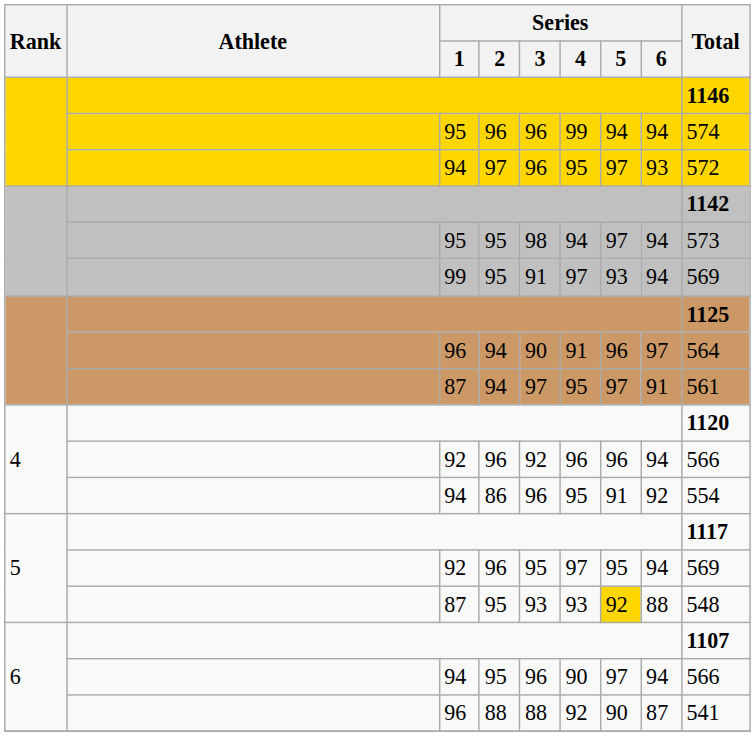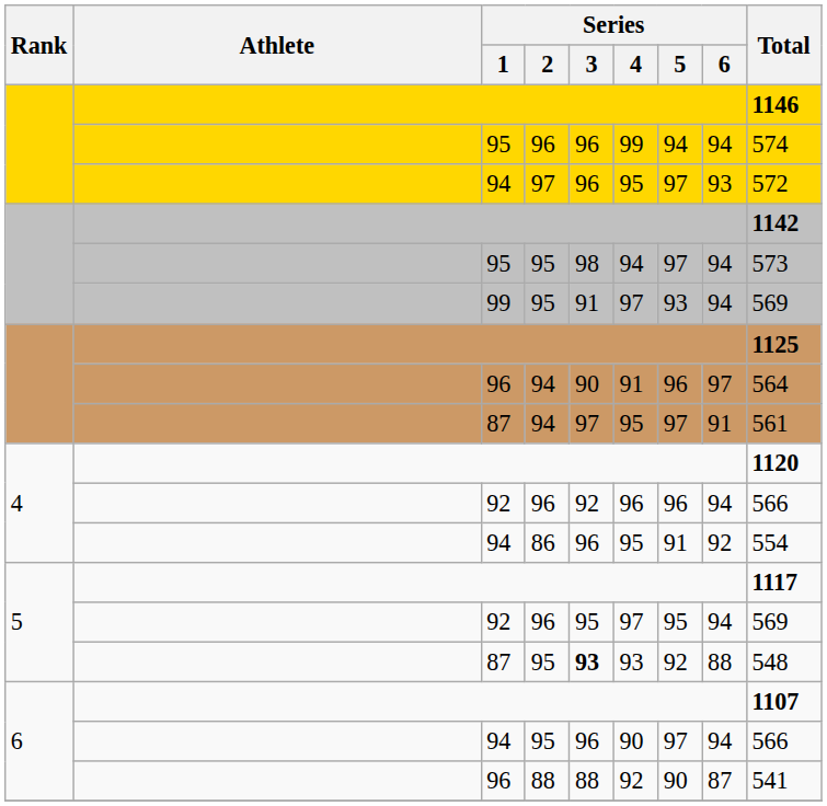 <table class="wikitable" style="font-size:95%" style="width:35em;" style="text-align:center">
 <tr>
 <th rowspan=2>Rank</th>
 <th rowspan=2 width=250>Athlete</th>
 <th colspan=6 width=160>Series</th>
 <th rowspan=2 width=40>Total</th>
 </tr>
 <tr>
 <th>1</th>
 <th>2</th>
 <th>3</th>
 <th>4</th>
 <th>5</th>
 <th>6</th>
 </tr>
 <tr bgcolor=gold>
 <td rowspan=3></td>
 <td colspan=7 align=left></td>
 <td><strong>1146</strong></td>
 </tr>
 <tr bgcolor=gold>
 <td align=left></td>
 <td>95</td>
 <td>96</td>
 <td>96</td>
 <td>99</td>
 <td>94</td>
 <td>94</td>
 <td>574</td>
 </tr>
 <tr bgcolor=gold>
 <td align=left></td>
 <td>94</td>
 <td>97</td>
 <td>96</td>
 <td>95</td>
 <td>97</td>
 <td>93</td>
 <td>572</td>
 </tr>
 <tr bgcolor=silver>
 <td rowspan=3></td>
 <td colspan=7 align=left></td>
 <td><strong>1142</strong></td>
 </tr>
 <tr bgcolor=silver>
 <td align=left></td>
 <td>95</td>
 <td>95</td>
 <td>98</td>
 <td>94</td>
 <td>97</td>
 <td>94</td>
 <td>573</td>
 </tr>
 <tr bgcolor=silver>
 <td align=left></td>
 <td>99</td>
 <td>95</td>
 <td>91</td>
 <td>97</td>
 <td>93</td>
 <td>94</td>
 <td>569</td>
 </tr>
 <tr bgcolor=cc9966>
 <td rowspan=3></td>
 <td colspan=7 align=left></td>
 <td><strong>1125</strong></td>
 </tr>
 <tr bgcolor=cc9966>
 <td align=left></td>
 <td>96</td>
 <td>94</td>
 <td>90</td>
 <td>91</td>
 <td>96</td>
 <td>97</td>
 <td>564</td>
 </tr>
 <tr bgcolor=cc9966>
 <td align=left></td>
 <td>87</td>
 <td>94</td>
 <td>97</td>
 <td>95</td>
 <td>97</td>
 <td>91</td>
 <td>561</td>
 </tr>
 <tr>
 <td rowspan=3>4</td>
 <td colspan=7 align=left></td>
 <td><strong>1120</strong></td>
 </tr>
 <tr>
 <td align=left></td>
 <td>92</td>
 <td>96</td>
 <td>92</td>
 <td>96</td>
 <td>96</td>
 <td>94</td>
 <td>566</td>
 </tr>
 <tr>
 <td align=left></td>
 <td>94</td>
 <td>86</td>
 <td>96</td>
 <td>95</td>
 <td>91</td>
 <td>92</td>
 <td>554</td>
 </tr>
 <tr>
 <td rowspan=3>5</td>
 <td colspan=7 align=left></td>
 <td><strong>1117</strong></td>
 </tr>
 <tr>
 <td align=left></td>
 <td>92</td>
 <td>96</td>
 <td>95</td>
 <td>97</td>
 <td>95</td>
 <td>94</td>
 <td>569</td>
 </tr>
 <tr>
 <td align=left></td>
 <td>87</td>
 <td>95</td>
+<td><strong>93</strong></td>
 <td>93</td>
-<td>93</td>
-<td style="background: gold;">92</td>
+<td>92</td>
 <td>88</td>
 <td>548</td>
 </tr>
 <tr>
 <td rowspan=3>6</td>
 <td colspan=7 align=left></td>
 <td><strong>1107</strong></td>
 </tr>
 <tr>
 <td align=left></td>
 <td>94</td>
 <td>95</td>
 <td>96</td>
 <td>90</td>
 <td>97</td>
 <td>94</td>
 <td>566</td>
 </tr>
 <tr>
 <td align=left></td>
 <td>96</td>
 <td>88</td>
 <td>88</td>
 <td>92</td>
 <td>90</td>
 <td>87</td>
 <td>541</td>
 </tr>
 <tr>
 </tr>
 </table>
